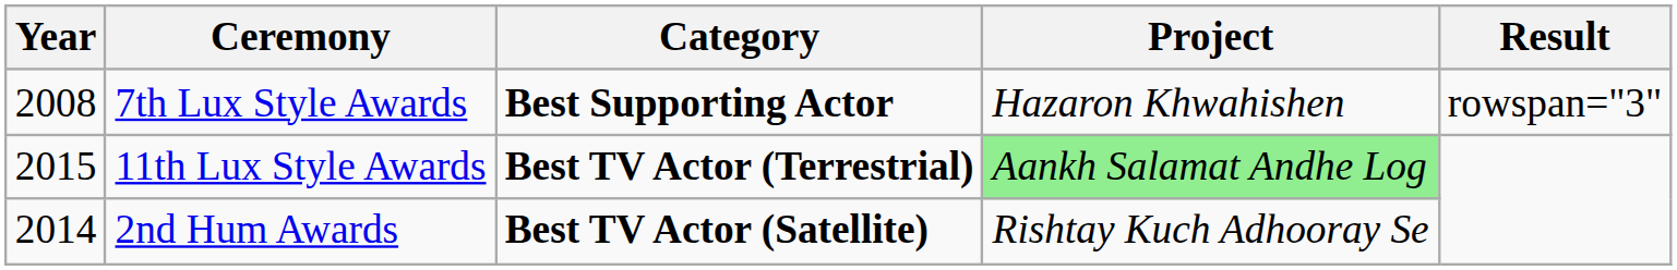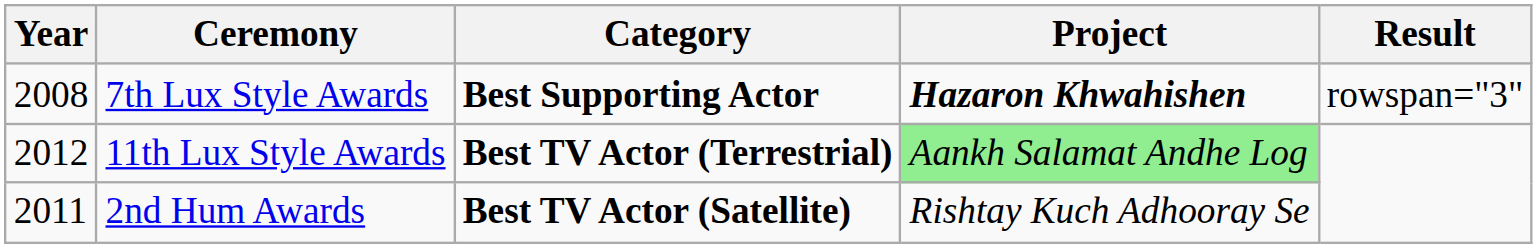 <table class="wikitable style">
 <tr>
 <th>Year</th>
 <th>Ceremony</th>
 <th>Category</th>
 <th>Project</th>
 <th>Result</th>
 </tr>
 <tr>
 <td>2008</td>
 <td><a href='#'>7th Lux Style Awards</a></td>
 <td><strong>Best Supporting Actor</strong></td>
-<td><em>Hazaron Khwahishen</em></td>
+<td><strong><em>Hazaron Khwahishen</em></strong></td>
 <td>rowspan="3" </td>
 </tr>
 <tr>
-<td>2015</td>
+<td>2012</td>
 <td><a href='#'>11th Lux Style Awards</a></td>
 <td><strong>Best TV Actor (Terrestrial)</strong></td>
 <td style="background: lightgreen;"><em>Aankh Salamat Andhe Log</em></td>
 </tr>
 <tr>
-<td>2014</td>
+<td>2011</td>
 <td><a href='#'>2nd Hum Awards</a></td>
 <td><strong>Best TV Actor (Satellite)</strong></td>
 <td><em>Rishtay Kuch Adhooray Se</em></td>
 </tr>
 </table>
